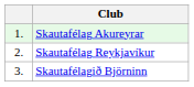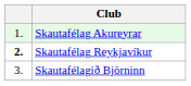 <table class="wikitable">
 <tr>
 <th width="30"></th>
 <th width="200">Club</th>
 </tr>
 <tr bgcolor="#e6fae6" align="center">
 <td>1.</td>
 <td align="left"><a href='#'>Skautafélag Akureyrar</a></td>
 </tr>
 <tr bgcolor="#FFFFFF" align="center">
-<td>2.</td>
+<td><strong>2.</strong></td>
 <td align="left"><a href='#'>Skautafélag Reykjavíkur</a></td>
 </tr>
 <tr bgcolor="#FFFFFF" align="center">
 <td>3.</td>
 <td align="left"><a href='#'>Skautafélagið Björninn</a></td>
 </tr>
 </table>
